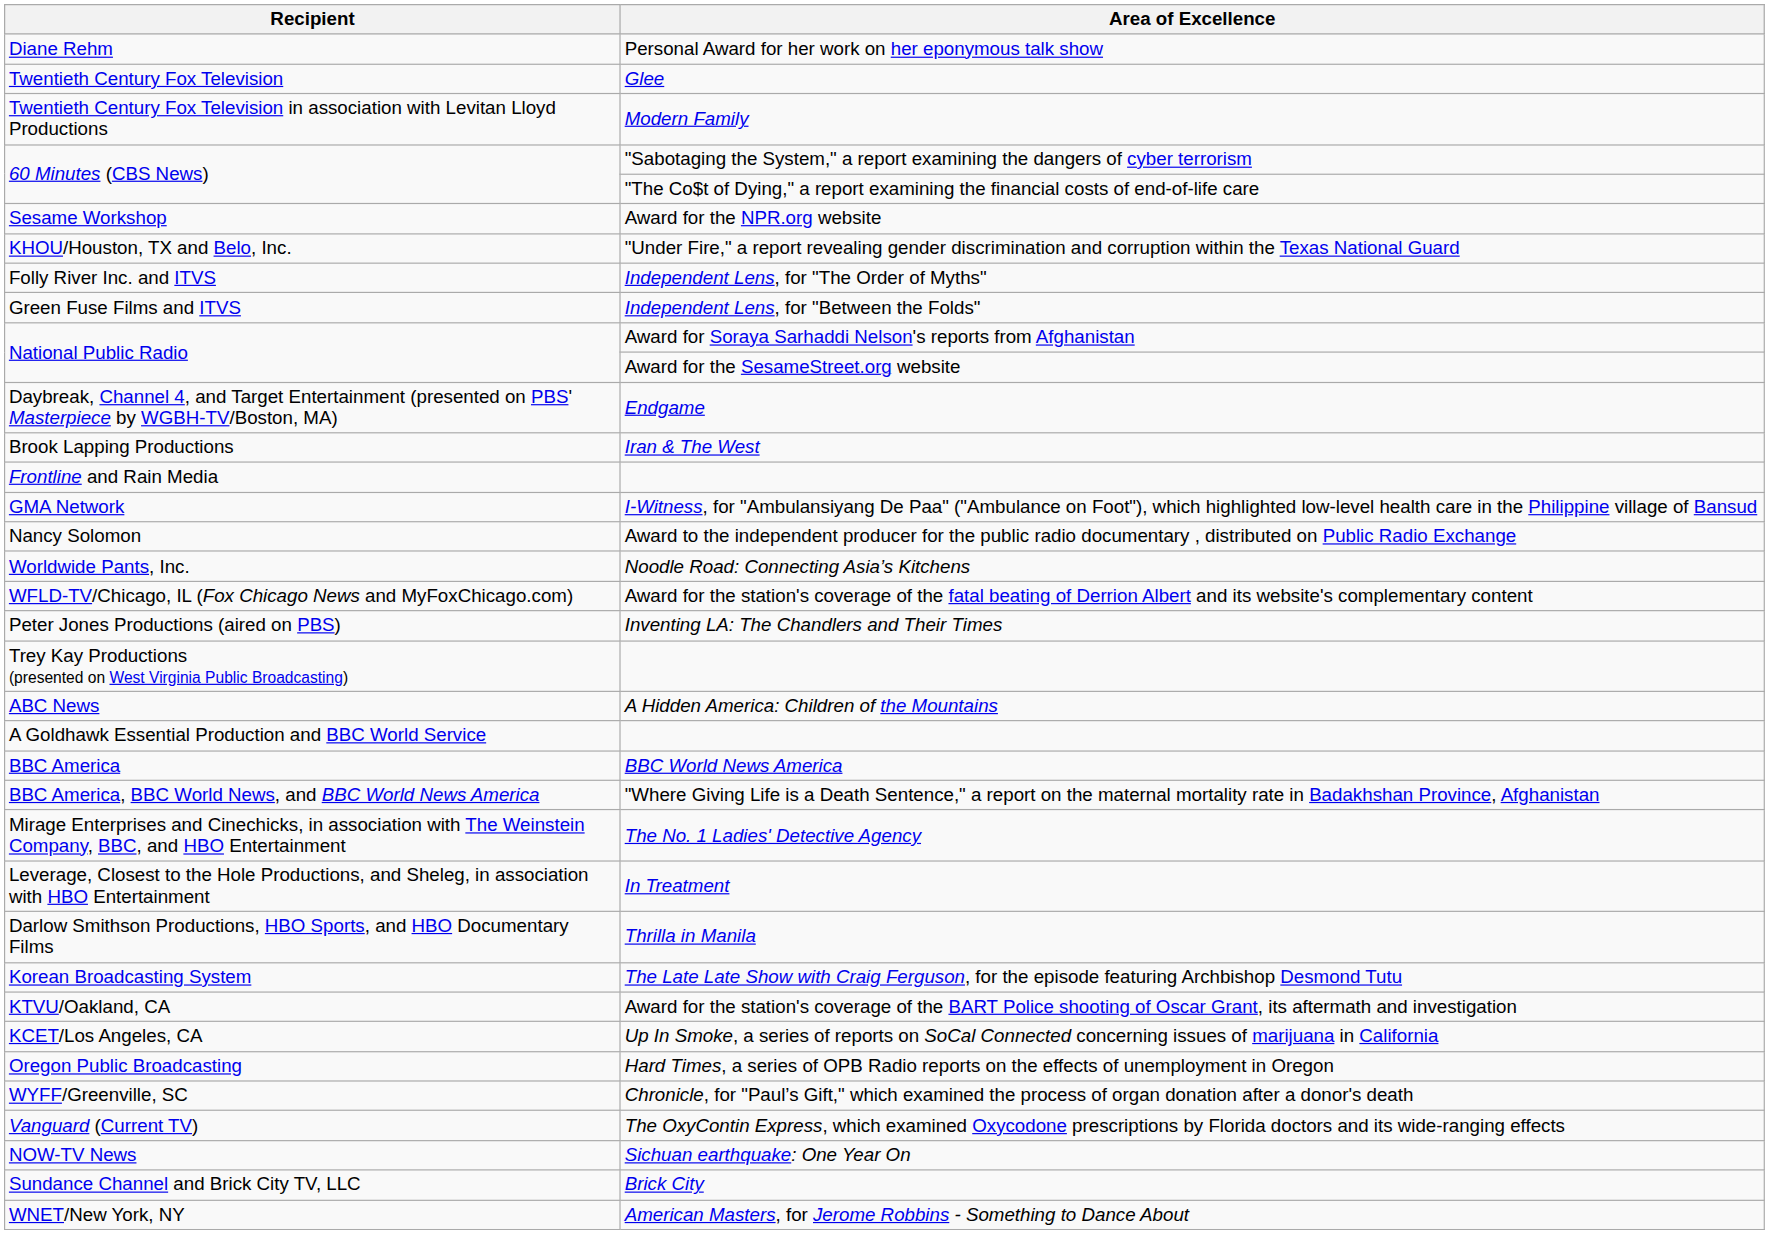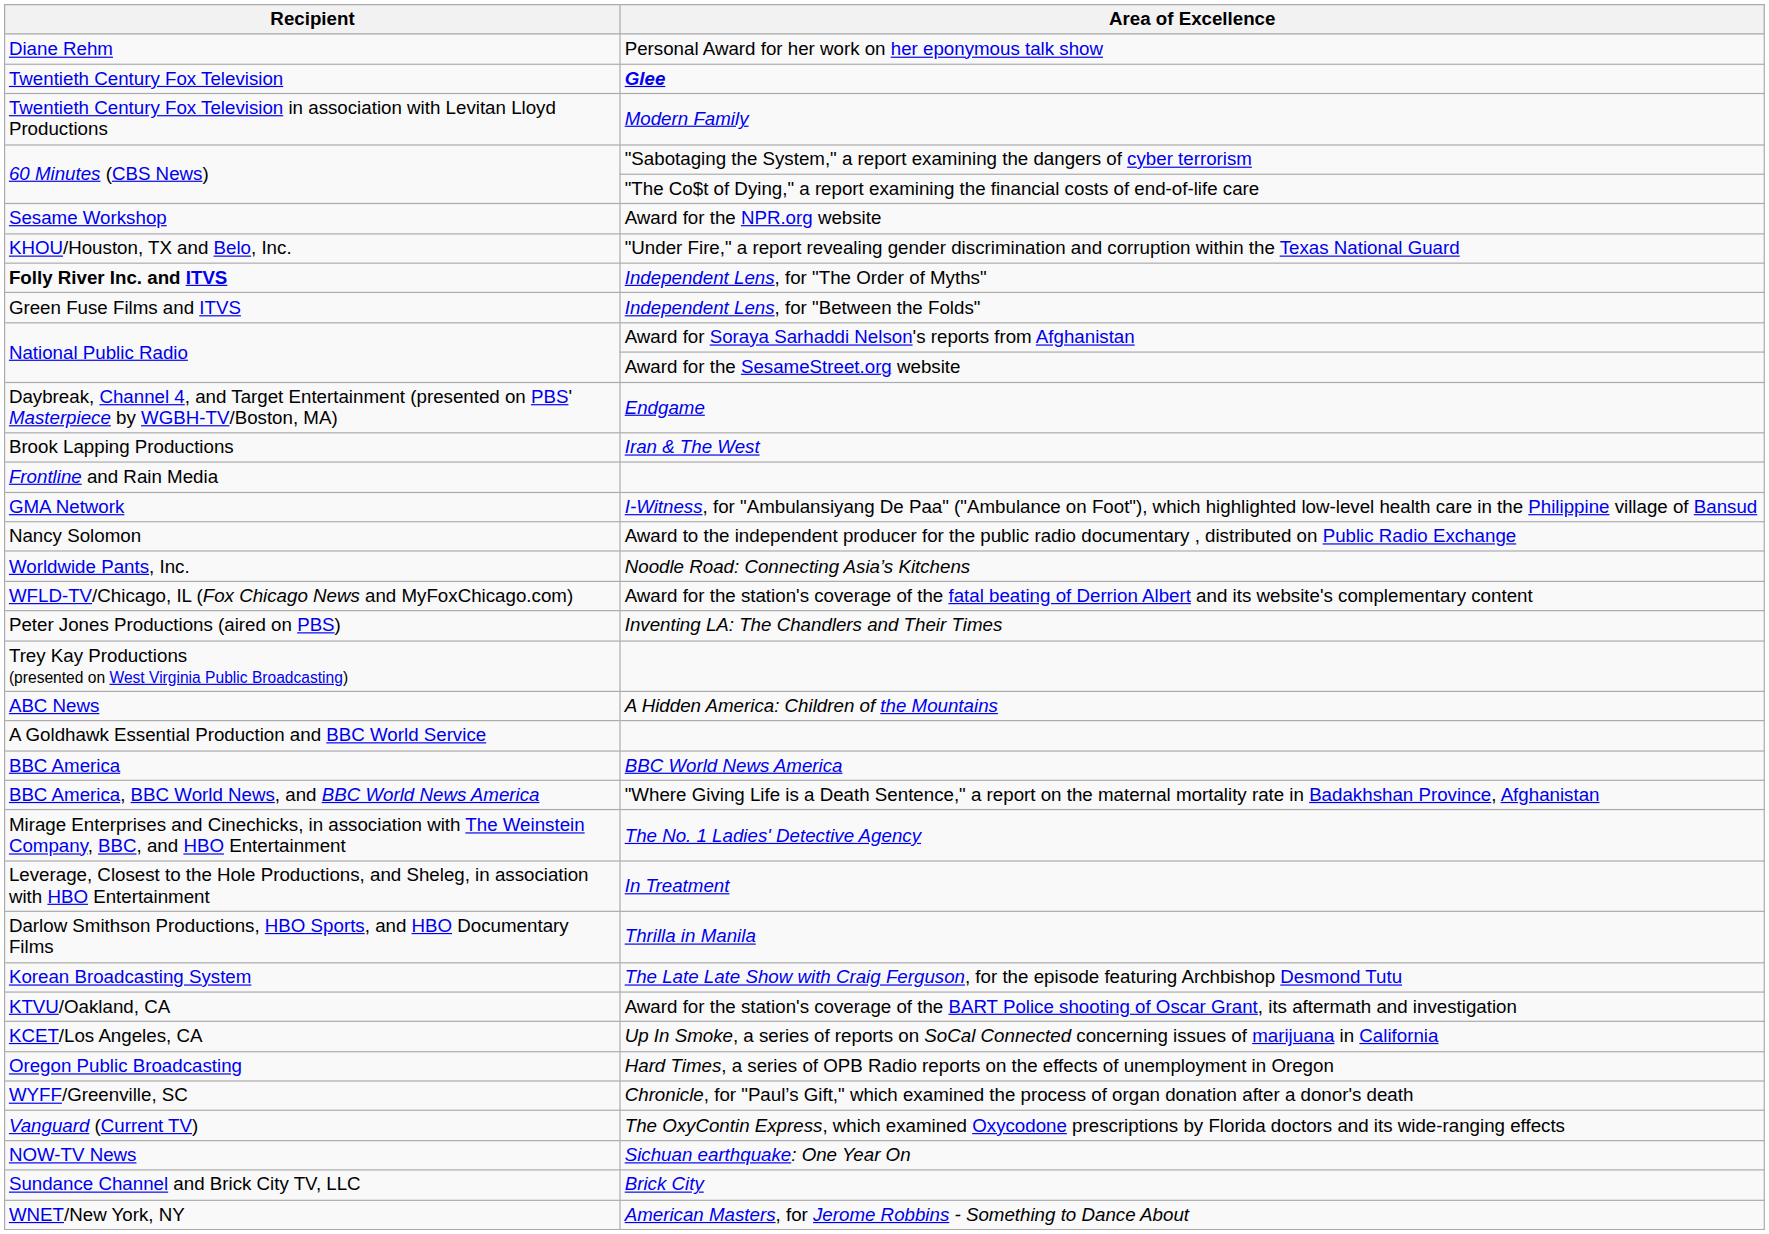 <table class="wikitable" style="width:95%">
 <tr bgcolor="#CCCCCC">
 <th width=35%>Recipient</th>
 <th width=65%>Area of Excellence</th>
 </tr>
 <tr>
 <td><a href='#'>Diane Rehm</a></td>
 <td>Personal Award for her work on <a href='#'>her eponymous talk show</a></td>
 </tr>
 <tr>
 <td><a href='#'>Twentieth Century Fox Television</a></td>
-<td><em><a href='#'>Glee</a></em></td>
+<td><strong><em><a href='#'>Glee</a></em></strong></td>
 </tr>
 <tr>
 <td><a href='#'>Twentieth Century Fox Television</a> in association with Levitan Lloyd Productions</td>
 <td><em><a href='#'>Modern Family</a></em></td>
 </tr>
 <tr>
 <td rowspan="2"><em><a href='#'>60 Minutes</a></em> (<a href='#'>CBS News</a>)</td>
 <td>"Sabotaging the System," a report examining the dangers of <a href='#'>cyber terrorism</a></td>
 </tr>
 <tr>
 <td>"The Co$t of Dying," a report examining the financial costs of end-of-life care</td>
 </tr>
 <tr>
 <td><a href='#'>Sesame Workshop</a></td>
 <td>Award for the <a href='#'>NPR.org</a> website</td>
 </tr>
 <tr>
 <td><a href='#'>KHOU</a>/Houston, TX and <a href='#'>Belo</a>, Inc.</td>
 <td>"Under Fire," a report revealing gender discrimination and corruption within the <a href='#'>Texas National Guard</a></td>
 </tr>
 <tr>
-<td>Folly River Inc. and <a href='#'>ITVS</a></td>
+<td><strong>Folly River Inc. and <a href='#'>ITVS</a></strong></td>
 <td><em><a href='#'>Independent Lens</a></em>, for "The Order of Myths"</td>
 </tr>
 <tr>
 <td>Green Fuse Films and <a href='#'>ITVS</a></td>
 <td><em><a href='#'>Independent Lens</a></em>, for "Between the Folds"</td>
 </tr>
 <tr>
 <td rowspan="2"><a href='#'>National Public Radio</a></td>
 <td>Award for <a href='#'>Soraya Sarhaddi Nelson</a>'s reports from <a href='#'>Afghanistan</a></td>
 </tr>
 <tr>
 <td>Award for the <a href='#'>SesameStreet.org</a> website</td>
 </tr>
 <tr>
 <td>Daybreak, <a href='#'>Channel 4</a>, and Target Entertainment (presented on <a href='#'>PBS</a>' <em><a href='#'>Masterpiece</a></em> by <a href='#'>WGBH-TV</a>/Boston, MA)</td>
 <td><em><a href='#'>Endgame</a></em></td>
 </tr>
 <tr>
 <td>Brook Lapping Productions</td>
 <td><em><a href='#'>Iran & The West</a></em></td>
 </tr>
 <tr>
 <td><em><a href='#'>Frontline</a></em> and Rain Media</td>
 <td><em></em></td>
 </tr>
 <tr>
 <td><a href='#'>GMA Network</a></td>
 <td><em><a href='#'>I-Witness</a></em>, for "Ambulansiyang De Paa" ("Ambulance on Foot"), which highlighted low-level health care in the <a href='#'>Philippine</a> village of <a href='#'>Bansud</a></td>
 </tr>
 <tr>
 <td>Nancy Solomon</td>
 <td>Award to the independent producer for the public radio documentary <em></em>, distributed on <a href='#'>Public Radio Exchange</a></td>
 </tr>
 <tr>
 <td><a href='#'>Worldwide Pants</a>, Inc.</td>
 <td><em>Noodle Road: Connecting Asia’s Kitchens</em></td>
 </tr>
 <tr>
 <td><a href='#'>WFLD-TV</a>/Chicago, IL (<em>Fox Chicago News</em> and MyFoxChicago.com)</td>
 <td>Award for the station's coverage of the <a href='#'>fatal beating of Derrion Albert</a> and its website's complementary content</td>
 </tr>
 <tr>
 <td>Peter Jones Productions (aired on <a href='#'>PBS</a>)</td>
 <td><em>Inventing LA: The Chandlers and Their Times</em></td>
 </tr>
 <tr>
 <td>Trey Kay Productions<br><small>(presented on <a href='#'>West Virginia Public Broadcasting</a>)</small></td>
 <td><em></em></td>
 </tr>
 <tr>
 <td><a href='#'>ABC News</a></td>
 <td><em>A Hidden America: Children of <a href='#'>the Mountains</a></em></td>
 </tr>
 <tr>
 <td>A Goldhawk Essential Production and <a href='#'>BBC World Service</a></td>
 <td><em></em></td>
 </tr>
 <tr>
 <td><a href='#'>BBC America</a></td>
 <td><em><a href='#'>BBC World News America</a></em></td>
 </tr>
 <tr>
 <td><a href='#'>BBC America</a>, <a href='#'>BBC World News</a>, and <em><a href='#'>BBC World News America</a></em></td>
 <td>"Where Giving Life is a Death Sentence," a report on the maternal mortality rate in <a href='#'>Badakhshan Province</a>, <a href='#'>Afghanistan</a></td>
 </tr>
 <tr>
 <td>Mirage Enterprises and Cinechicks, in association with <a href='#'>The Weinstein Company</a>, <a href='#'>BBC</a>, and <a href='#'>HBO</a> Entertainment</td>
 <td><em><a href='#'>The No. 1 Ladies' Detective Agency</a></em></td>
 </tr>
 <tr>
 <td>Leverage, Closest to the Hole Productions, and Sheleg, in association with <a href='#'>HBO</a> Entertainment</td>
 <td><em><a href='#'>In Treatment</a></em></td>
 </tr>
 <tr>
 <td>Darlow Smithson Productions, <a href='#'>HBO Sports</a>, and <a href='#'>HBO</a> Documentary Films</td>
 <td><em><a href='#'>Thrilla in Manila</a></em></td>
 </tr>
 <tr>
 <td><a href='#'>Korean Broadcasting System</a></td>
 <td><em><a href='#'>The Late Late Show with Craig Ferguson</a></em>, for the episode featuring Archbishop <a href='#'>Desmond Tutu</a></td>
 </tr>
 <tr>
 <td><a href='#'>KTVU</a>/Oakland, CA</td>
 <td>Award for the station's coverage of the <a href='#'>BART Police shooting of Oscar Grant</a>, its aftermath and investigation</td>
 </tr>
 <tr>
 <td><a href='#'>KCET</a>/Los Angeles, CA</td>
 <td><em>Up In Smoke</em>, a series of reports on <em>SoCal Connected</em> concerning issues of <a href='#'>marijuana</a> in <a href='#'>California</a></td>
 </tr>
 <tr>
 <td><a href='#'>Oregon Public Broadcasting</a></td>
 <td><em>Hard Times</em>, a series of OPB Radio reports on the effects of unemployment in Oregon</td>
 </tr>
 <tr>
 <td><a href='#'>WYFF</a>/Greenville, SC</td>
 <td><em>Chronicle</em>, for "Paul’s Gift," which examined the process of organ donation after a donor's death</td>
 </tr>
 <tr>
 <td><em><a href='#'>Vanguard</a></em> (<a href='#'>Current TV</a>)</td>
 <td><em>The OxyContin Express</em>, which examined <a href='#'>Oxycodone</a> prescriptions by Florida doctors and its wide-ranging effects</td>
 </tr>
 <tr>
 <td><a href='#'>NOW-TV News</a></td>
 <td><em><a href='#'>Sichuan earthquake</a>: One Year On</em></td>
 </tr>
 <tr>
 <td><a href='#'>Sundance Channel</a> and Brick City TV, LLC</td>
 <td><em><a href='#'>Brick City</a></em></td>
 </tr>
 <tr>
 <td><a href='#'>WNET</a>/New York, NY</td>
 <td><em><a href='#'>American Masters</a></em>, for <em><a href='#'>Jerome Robbins</a> - Something to Dance About</em></td>
 </tr>
 </table>
